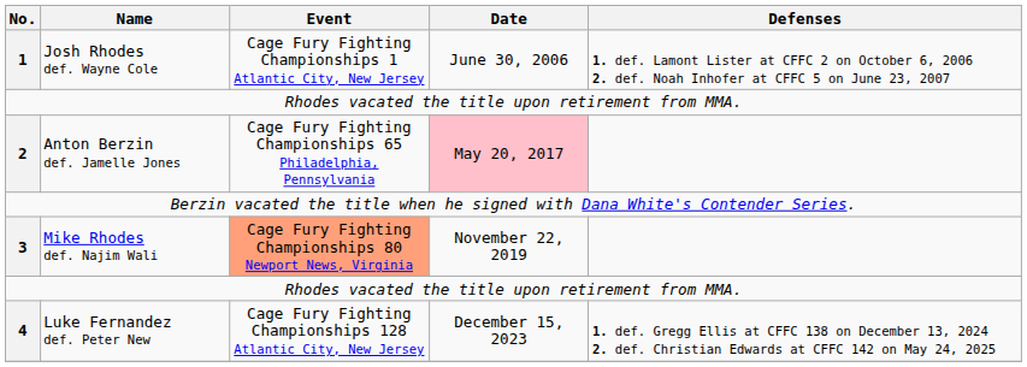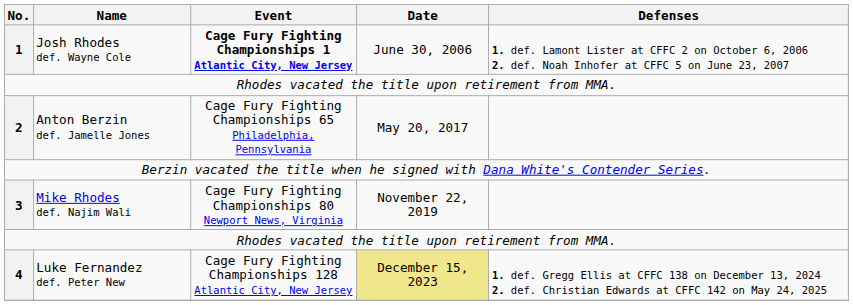 <table class="wikitable">
 <tr>
 <th width=1%>No.</th>
 <th width=19%>Name</th>
 <th width=20%>Event</th>
 <th width=16%>Date</th>
 <th width=44%>Defenses</th>
 </tr>
 <tr>
 <th>1</th>
 <td style="text-align:left"> Josh Rhodes <br><small>def. Wayne Cole</small></td>
-<td style="text-align:center">Cage Fury Fighting Championships 1<br><small><a href='#'>Atlantic City, New Jersey</a></small></td>
+<td style="text-align:center"><strong>Cage Fury Fighting Championships 1<br><small><a href='#'>Atlantic City, New Jersey</a></small></strong></td>
 <td style="text-align:center">June 30, 2006</td>
 <td><br><small><strong>1.</strong> def. Lamont Lister at CFFC 2 on October 6, 2006<br> <strong>2.</strong> def. Noah Inhofer at CFFC 5 on June 23, 2007</small></td>
 </tr>
 <tr>
 <td style="text-align:center" colspan="5"><em>Rhodes vacated the title upon retirement from MMA.</em></td>
 </tr>
 <tr>
 <th>2</th>
 <td style="text-align:left"> Anton Berzin<br><small>def. Jamelle Jones</small></td>
 <td style="text-align:center">Cage Fury Fighting Championships 65<br><small><a href='#'>Philadelphia, Pennsylvania</a></small></td>
-<td style="background: pink; text-align:center">May 20, 2017</td>
+<td style="text-align:center">May 20, 2017</td>
 <td></td>
 </tr>
 <tr>
 <td style="text-align:center" colspan="5"><em>Berzin vacated the title when he signed with <a href='#'>Dana White's Contender Series</a>.</em></td>
 </tr>
 <tr>
 <th>3</th>
 <td style="text-align:left"> <a href='#'>Mike Rhodes</a><br><small>def. Najim Wali</small></td>
-<td style="background: lightsalmon; text-align:center">Cage Fury Fighting Championships 80<br><small><a href='#'>Newport News, Virginia</a></small></td>
+<td style="text-align:center">Cage Fury Fighting Championships 80<br><small><a href='#'>Newport News, Virginia</a></small></td>
 <td style="text-align:center">November 22, 2019</td>
 <td></td>
 </tr>
 <tr>
 <td style="text-align:center" colspan="5"><em>Rhodes vacated the title upon retirement from MMA.</em></td>
 </tr>
 <tr>
 <th>4</th>
 <td style="text-align:left"> Luke Fernandez<br><small>def. Peter New</small></td>
 <td style="text-align:center">Cage Fury Fighting Championships 128<br><small><a href='#'>Atlantic City, New Jersey</a></small></td>
-<td style="text-align:center">December 15, 2023</td>
+<td style="background: khaki; text-align:center">December 15, 2023</td>
 <td><br><small><strong>1.</strong> def. Gregg Ellis at CFFC 138 on December 13, 2024</small><br> <small><strong>2.</strong> def. Christian Edwards at CFFC 142 on May 24, 2025</small></td>
 </tr>
 <tr>
 </tr>
 </table>
